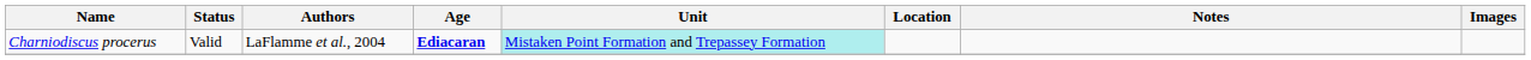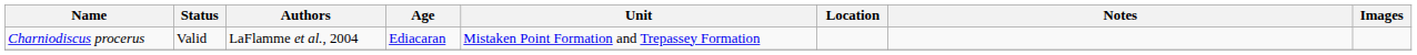 <table class="wikitable sortable" align="center" width="100%">
 <tr>
 <th>Name</th>
 <th>Status</th>
 <th>Authors</th>
 <th>Age</th>
 <th>Unit</th>
 <th>Location</th>
 <th width="33%" class="unsortable">Notes</th>
 <th class="unsortable">Images</th>
 </tr>
 <tr>
 <td><em><a href='#'>Charniodiscus</a> procerus</em></td>
 <td>Valid</td>
 <td>LaFlamme <em>et al.</em>, 2004</td>
-<td><strong><a href='#'>Ediacaran</a></strong></td>
-<td style="background: paleturquoise;"><a href='#'>Mistaken Point Formation</a> and <a href='#'>Trepassey Formation</a></td>
+<td><a href='#'>Ediacaran</a></td>
+<td><a href='#'>Mistaken Point Formation</a> and <a href='#'>Trepassey Formation</a></td>
 <td></td>
 <td></td>
 <td></td>
 </tr>
 <tr>
 </tr>
 </table>
